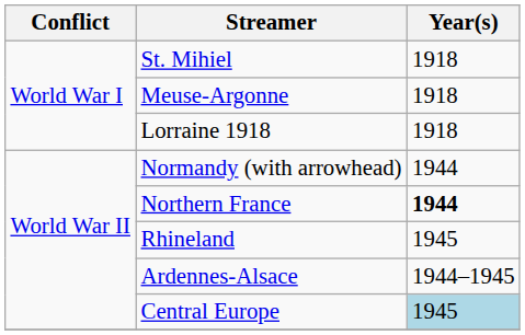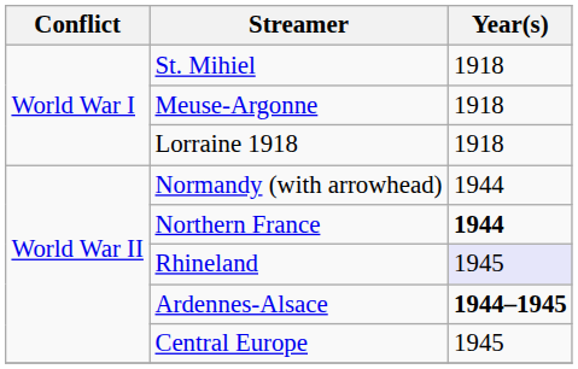 <table class=wikitable>
 <tr style="background:#efefef;">
 <th>Conflict</th>
 <th>Streamer</th>
 <th>Year(s)</th>
 </tr>
 <tr>
 <td rowspan="3"><a href='#'>World War I</a> <br> </td>
 <td><a href='#'>St. Mihiel</a></td>
 <td>1918</td>
 </tr>
 <tr>
 <td><a href='#'>Meuse-Argonne</a></td>
 <td>1918</td>
 </tr>
 <tr>
 <td>Lorraine 1918</td>
 <td>1918</td>
 </tr>
 <tr>
 <td rowspan="5"><a href='#'>World War II</a> <br> <br> </td>
 <td><a href='#'>Normandy</a> (with arrowhead)</td>
 <td>1944</td>
 </tr>
 <tr>
 <td><a href='#'>Northern France</a></td>
 <td><strong>1944</strong></td>
 </tr>
 <tr>
 <td><a href='#'>Rhineland</a></td>
-<td>1945</td>
+<td style="background: lavender;">1945</td>
 </tr>
 <tr>
 <td><a href='#'>Ardennes-Alsace</a></td>
-<td>1944–1945</td>
+<td><strong>1944–1945</strong></td>
 </tr>
 <tr>
 <td><a href='#'>Central Europe</a></td>
-<td style="background: lightblue;">1945</td>
+<td>1945</td>
 </tr>
 <tr>
 </tr>
 </table>
